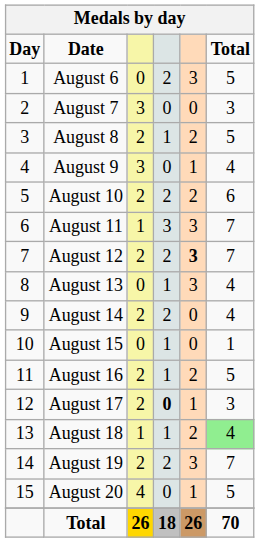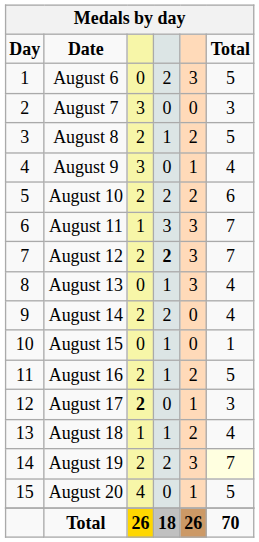 <table class="wikitable" style="font-size:85%; float:right">
 <tr align=center>
 <th colspan=7>Medals by day</th>
 </tr>
 <tr align=center>
 <td><strong>Day</strong></td>
 <td><strong>Date</strong></td>
 <td style="background:#f7f6a8;"></td>
 <td style="background:#dce5e5;"></td>
 <td style="background:#ffdab9;"></td>
 <td><strong>Total</strong></td>
 </tr>
 <tr align=center>
 <td>1</td>
 <td>August 6</td>
 <td style="background:#f7f6a8;">0</td>
 <td style="background:#dce5e5;">2</td>
 <td style="background:#ffdab9;">3</td>
 <td>5</td>
 </tr>
 <tr align=center>
 <td>2</td>
 <td>August 7</td>
 <td style="background:#f7f6a8;">3</td>
 <td style="background:#dce5e5;">0</td>
 <td style="background:#ffdab9;">0</td>
 <td>3</td>
 </tr>
 <tr align=center>
 <td>3</td>
 <td>August 8</td>
 <td style="background:#f7f6a8;">2</td>
 <td style="background:#dce5e5;">1</td>
 <td style="background:#ffdab9;">2</td>
 <td>5</td>
 </tr>
 <tr align=center>
 <td>4</td>
 <td>August 9</td>
 <td style="background:#f7f6a8;">3</td>
 <td style="background:#dce5e5;">0</td>
 <td style="background:#ffdab9;">1</td>
 <td>4</td>
 </tr>
 <tr align=center>
 <td>5</td>
 <td>August 10</td>
 <td style="background:#f7f6a8;">2</td>
 <td style="background:#dce5e5;">2</td>
 <td style="background:#ffdab9;">2</td>
 <td>6</td>
 </tr>
 <tr align=center>
 <td>6</td>
 <td>August 11</td>
 <td style="background:#f7f6a8;">1</td>
 <td style="background:#dce5e5;">3</td>
 <td style="background:#ffdab9;">3</td>
 <td>7</td>
 </tr>
 <tr align=center>
 <td>7</td>
 <td>August 12</td>
 <td style="background:#f7f6a8;">2</td>
-<td style="background:#dce5e5;">2</td>
-<td style="background:#ffdab9;"><strong>3</strong></td>
+<td style="background:#dce5e5;"><strong>2</strong></td>
+<td style="background:#ffdab9;">3</td>
 <td>7</td>
 </tr>
 <tr align=center>
 <td>8</td>
 <td>August 13</td>
 <td style="background:#f7f6a8;">0</td>
 <td style="background:#dce5e5;">1</td>
 <td style="background:#ffdab9;">3</td>
 <td>4</td>
 </tr>
 <tr align=center>
 <td>9</td>
 <td>August 14</td>
 <td style="background:#f7f6a8;">2</td>
 <td style="background:#dce5e5;">2</td>
 <td style="background:#ffdab9;">0</td>
 <td>4</td>
 </tr>
 <tr align=center>
 <td>10</td>
 <td>August 15</td>
 <td style="background:#f7f6a8;">0</td>
 <td style="background:#dce5e5;">1</td>
 <td style="background:#ffdab9;">0</td>
 <td>1</td>
 </tr>
 <tr align=center>
 <td>11</td>
 <td>August 16</td>
 <td style="background:#f7f6a8;">2</td>
 <td style="background:#dce5e5;">1</td>
 <td style="background:#ffdab9;">2</td>
 <td>5</td>
 </tr>
 <tr align=center>
 <td>12</td>
 <td>August 17</td>
-<td style="background:#f7f6a8;">2</td>
-<td style="background:#dce5e5;"><strong>0</strong></td>
+<td style="background:#f7f6a8;"><strong>2</strong></td>
+<td style="background:#dce5e5;">0</td>
 <td style="background:#ffdab9;">1</td>
 <td>3</td>
 </tr>
 <tr align=center>
 <td>13</td>
 <td>August 18</td>
 <td style="background:#f7f6a8;">1</td>
 <td style="background:#dce5e5;">1</td>
 <td style="background:#ffdab9;">2</td>
-<td style="background: lightgreen;">4</td>
+<td>4</td>
 </tr>
 <tr align=center>
 <td>14</td>
 <td>August 19</td>
 <td style="background:#f7f6a8;">2</td>
 <td style="background:#dce5e5;">2</td>
 <td style="background:#ffdab9;">3</td>
-<td>7</td>
+<td style="background: lightyellow;">7</td>
 </tr>
 <tr align=center>
 <td>15</td>
 <td>August 20</td>
 <td style="background:#f7f6a8;">4</td>
 <td style="background:#dce5e5;">0</td>
 <td style="background:#ffdab9;">1</td>
 <td>5</td>
 </tr>
 <tr align=center>
 </tr>
 <tr align=center>
 <td></td>
 <td><strong>Total</strong></td>
 <td style="background:gold;"><strong>26</strong></td>
 <td style="background:silver;"><strong>18</strong></td>
 <td style="background:#c96;"><strong>26</strong></td>
 <td><strong>70</strong></td>
 </tr>
 </table>
